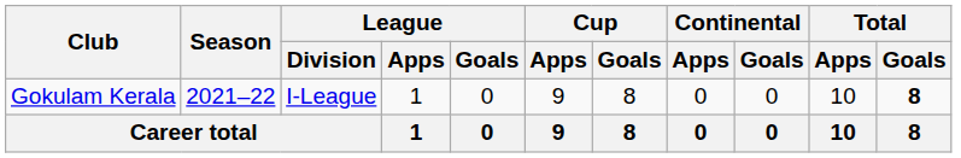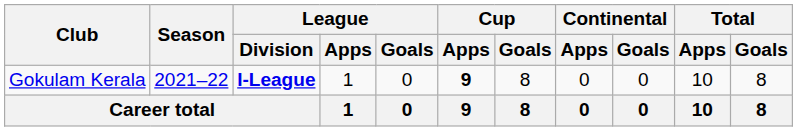 <table class=wikitable style=text-align:center>
 <tr>
 <th rowspan=2>Club</th>
 <th rowspan=2>Season</th>
 <th colspan=3>League</th>
 <th colspan=2>Cup</th>
 <th colspan=2>Continental</th>
 <th colspan=2>Total</th>
 </tr>
 <tr>
 <th>Division</th>
 <th>Apps</th>
 <th>Goals</th>
 <th>Apps</th>
 <th>Goals</th>
 <th>Apps</th>
 <th>Goals</th>
 <th>Apps</th>
 <th>Goals</th>
 </tr>
 <tr>
 <td rowspan=1><a href='#'>Gokulam Kerala</a></td>
 <td><a href='#'>2021–22</a></td>
-<td><a href='#'>I-League</a></td>
+<td><strong><a href='#'>I-League</a></strong></td>
 <td>1</td>
 <td>0</td>
-<td>9</td>
+<td><strong>9</strong></td>
 <td>8</td>
 <td>0</td>
 <td>0</td>
 <td>10</td>
-<td><strong>8</strong></td>
+<td>8</td>
 </tr>
 <tr>
 <th colspan=3>Career total</th>
 <th>1</th>
 <th>0</th>
 <th>9</th>
 <th>8</th>
 <th>0</th>
 <th>0</th>
 <th>10</th>
 <th>8</th>
 </tr>
 </table>
